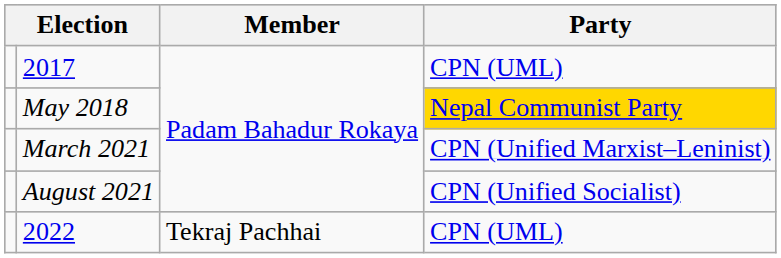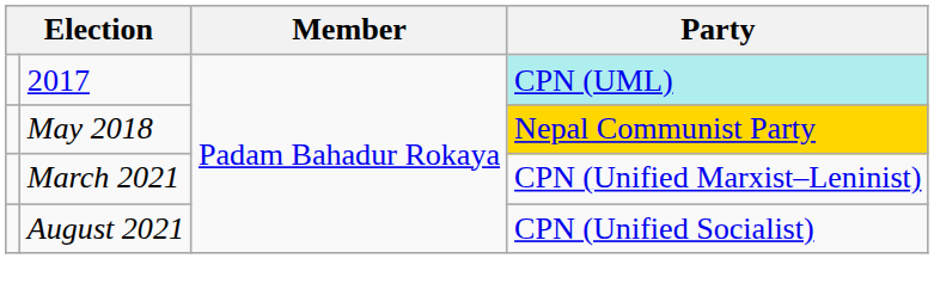 <table class="wikitable">
 <tr>
 <th colspan="2">Election</th>
 <th>Member</th>
 <th>Party</th>
 </tr>
 <tr>
 <td style="color:inherit;background:"></td>
 <td><a href='#'>2017</a></td>
 <td rowspan="4"><a href='#'>Padam Bahadur Rokaya</a></td>
-<td><a href='#'>CPN (UML)</a></td>
+<td style="background: paleturquoise;"><a href='#'>CPN (UML)</a></td>
 </tr>
 <tr>
 <td style="color:inherit;background:"></td>
 <td><em>May 2018</em></td>
 <td style="background: gold;"><a href='#'>Nepal Communist Party</a></td>
 </tr>
 <tr>
 <td style="color:inherit;background:"></td>
 <td><em>March 2021</em></td>
 <td><a href='#'>CPN (Unified Marxist–Leninist)</a></td>
 </tr>
 <tr>
 <td style="color:inherit;background:"></td>
 <td><em>August 2021</em></td>
 <td><a href='#'>CPN (Unified Socialist)</a></td>
 </tr>
-<tr>
-<td style="color:inherit;background:"></td>
-<td><a href='#'>2022</a></td>
-<td>Tekraj Pachhai</td>
-<td><a href='#'>CPN (UML)</a></td>
-</tr>
 </table>
